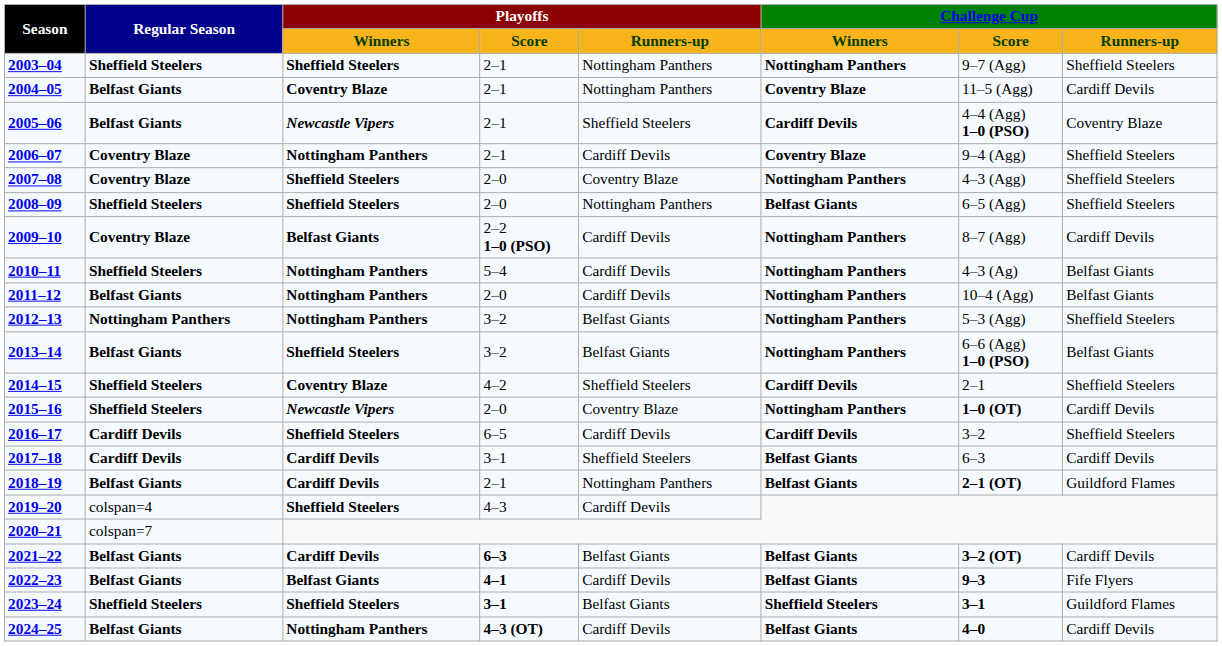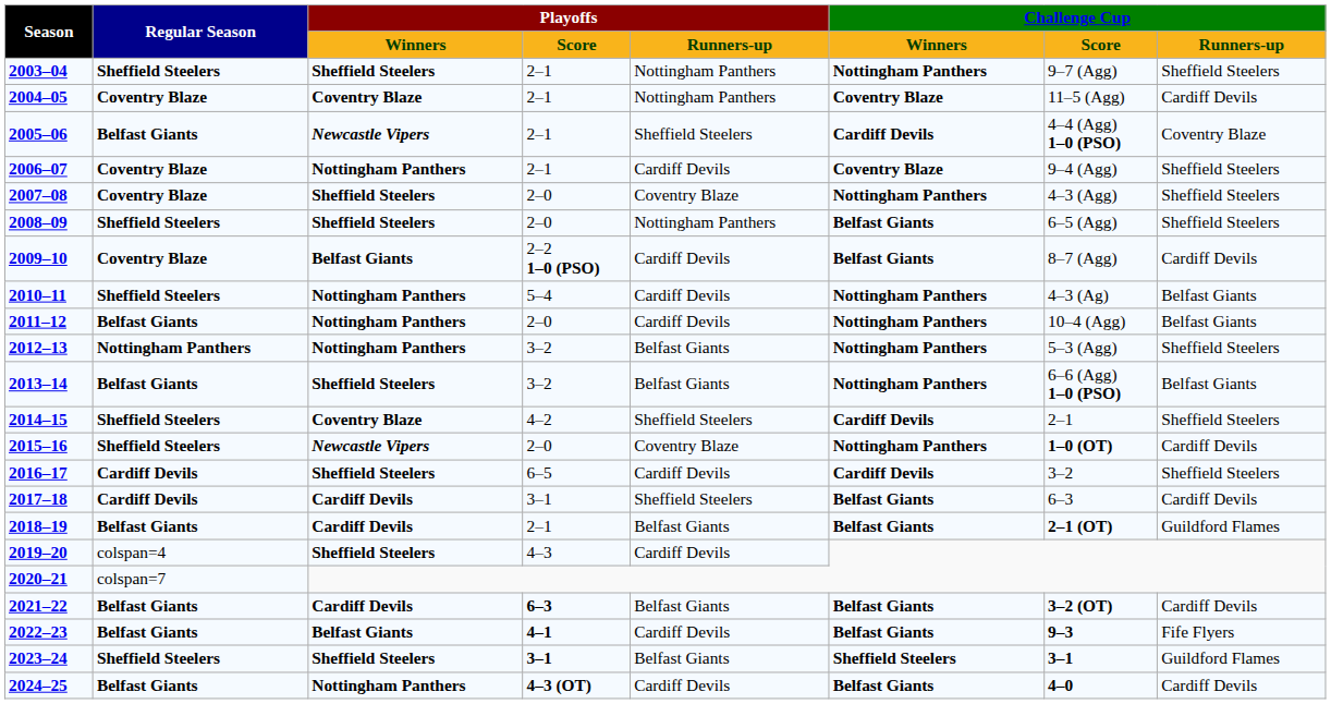 <table class="wikitable" style="width:100%;">
 <tr>
 <th rowspan="2" style="background:black;color:white;">Season</th>
 <th rowspan="2" style="background:darkblue;color:white;;">Regular Season</th>
 <th colspan="3" style="background:darkred;color:white;">Playoffs</th>
 <th colspan="3" style="background:green;color:white;"><a href='#'>Challenge Cup</a></th>
 </tr>
 <tr>
 <th style="background:#F9B41B;color:#003D01;" "width:15%;">Winners</th>
 <th style="background:#F9B41B;color:#003D01;" "width:6%;">Score</th>
 <th style="background:#F9B41B;color:#003D01;" "width:15%;">Runners-up</th>
 <th style="background:#F9B41B;color:#003D01;">Winners</th>
 <th style="background:#F9B41B;color:#003D01;">Score</th>
 <th style="background:#F9B41B;color:#003D01;">Runners-up</th>
 </tr>
 <tr style="background:#f5faff;">
 <td><div><strong><a href='#'>2003–04</a></strong></div></td>
 <td><strong>Sheffield Steelers</strong></td>
 <td><strong>Sheffield Steelers</strong></td>
 <td>2–1</td>
 <td>Nottingham Panthers</td>
 <td><strong>Nottingham Panthers</strong></td>
 <td>9–7 (Agg)</td>
 <td>Sheffield Steelers</td>
 </tr>
 <tr style="background:#f5faff;">
 <td><div><strong><a href='#'>2004–05</a></strong></div></td>
-<td><strong>Belfast Giants</strong></td>
+<td><strong>Coventry Blaze</strong></td>
 <td><strong>Coventry Blaze</strong></td>
 <td>2–1</td>
 <td>Nottingham Panthers</td>
 <td><strong>Coventry Blaze</strong></td>
 <td>11–5 (Agg)</td>
 <td>Cardiff Devils</td>
 </tr>
 <tr style="background:#f5faff;">
 <td><div><strong><a href='#'>2005–06</a></strong></div></td>
 <td><strong>Belfast Giants</strong></td>
 <td><strong><em>Newcastle Vipers</em></strong></td>
 <td>2–1</td>
 <td>Sheffield Steelers</td>
 <td><strong> Cardiff Devils</strong></td>
 <td>4–4 (Agg)<br><strong>1–0 (PSO)</strong></td>
 <td>Coventry Blaze</td>
 </tr>
 <tr style="background:#f5faff;">
 <td><div><strong><a href='#'>2006–07</a></strong></div></td>
 <td><strong>Coventry Blaze</strong></td>
 <td><strong>Nottingham Panthers</strong></td>
 <td>2–1</td>
 <td>Cardiff Devils</td>
 <td><strong>Coventry Blaze</strong></td>
 <td>9–4 (Agg)</td>
 <td>Sheffield Steelers</td>
 </tr>
 <tr style="background:#f5faff;">
 <td><div><strong><a href='#'>2007–08</a></strong></div></td>
 <td><strong>Coventry Blaze</strong></td>
 <td><strong>Sheffield Steelers</strong></td>
 <td>2–0</td>
 <td>Coventry Blaze</td>
 <td><strong> Nottingham Panthers</strong></td>
 <td>4–3 (Agg)</td>
 <td>Sheffield Steelers</td>
 </tr>
 <tr style="background:#f5faff;">
 <td><div><strong><a href='#'>2008–09</a></strong></div></td>
 <td><strong>Sheffield Steelers</strong></td>
 <td><strong>Sheffield Steelers</strong></td>
 <td>2–0</td>
 <td>Nottingham Panthers</td>
 <td><strong>Belfast Giants</strong></td>
 <td>6–5 (Agg)</td>
 <td>Sheffield Steelers</td>
 </tr>
 <tr style="background:#f5faff;">
 <td><div><strong><a href='#'>2009–10</a></strong></div></td>
 <td><strong>Coventry Blaze</strong></td>
 <td><strong>Belfast Giants</strong></td>
 <td>2–2 <br><strong>1–0 (PSO)</strong></td>
 <td>Cardiff Devils</td>
-<td><strong>Nottingham Panthers</strong></td>
+<td><strong>Belfast Giants</strong></td>
 <td>8–7 (Agg)</td>
 <td>Cardiff Devils</td>
 </tr>
 <tr style="background:#f5faff;">
 <td><div><strong><a href='#'>2010–11</a></strong></div></td>
 <td><strong>Sheffield Steelers</strong></td>
 <td><strong>Nottingham Panthers</strong></td>
 <td>5–4</td>
 <td>Cardiff Devils</td>
 <td><strong>Nottingham Panthers</strong></td>
 <td>4–3 (Ag)</td>
 <td>Belfast Giants</td>
 </tr>
 <tr style="background:#f5faff;">
 <td><div><strong><a href='#'>2011–12</a></strong></div></td>
 <td><strong>Belfast Giants</strong></td>
 <td><strong>Nottingham Panthers</strong></td>
 <td>2–0</td>
 <td>Cardiff Devils</td>
 <td><strong> Nottingham Panthers</strong></td>
 <td>10–4 (Agg)</td>
 <td>Belfast Giants</td>
 </tr>
 <tr style="background:#f5faff;">
 <td><div><strong><a href='#'>2012–13</a></strong></div></td>
 <td><strong>Nottingham Panthers</strong></td>
 <td><strong>Nottingham Panthers</strong></td>
 <td>3–2</td>
 <td>Belfast Giants</td>
 <td><strong> Nottingham Panthers</strong></td>
 <td>5–3 (Agg)</td>
 <td>Sheffield Steelers</td>
 </tr>
 <tr style="background:#f5faff;">
 <td><div><strong><a href='#'>2013–14</a></strong></div></td>
 <td><strong>Belfast Giants</strong></td>
 <td><strong>Sheffield Steelers</strong></td>
 <td>3–2</td>
 <td>Belfast Giants</td>
 <td><strong>Nottingham Panthers</strong></td>
 <td>6–6 (Agg)<br><strong>1–0 (PSO)</strong></td>
 <td>Belfast Giants</td>
 </tr>
 <tr style="background:#f5faff;">
 <td><div><strong><a href='#'>2014–15</a></strong></div></td>
 <td><strong> Sheffield Steelers</strong></td>
 <td><strong>Coventry Blaze</strong></td>
 <td>4–2</td>
 <td>Sheffield Steelers</td>
 <td><strong> Cardiff Devils</strong></td>
 <td>2–1</td>
 <td>Sheffield Steelers</td>
 </tr>
 <tr style="background:#f5faff;">
 <td><div><strong><a href='#'>2015–16</a></strong></div></td>
 <td><strong>Sheffield Steelers</strong></td>
 <td><strong><em>Newcastle Vipers</em></strong></td>
 <td>2–0</td>
 <td>Coventry Blaze</td>
 <td><strong>Nottingham Panthers</strong></td>
 <td><strong>1–0 (OT)</strong></td>
 <td>Cardiff Devils</td>
 </tr>
 <tr style="background:#f5faff;">
 <td><div><strong><a href='#'>2016–17</a></strong></div></td>
 <td><strong>Cardiff Devils</strong></td>
 <td><strong>Sheffield Steelers</strong></td>
 <td>6–5</td>
 <td>Cardiff Devils</td>
 <td><strong>Cardiff Devils</strong></td>
 <td>3–2</td>
 <td>Sheffield Steelers</td>
 </tr>
 <tr style="background:#f5faff;">
 <td><div><strong><a href='#'>2017–18</a></strong></div></td>
 <td><strong>Cardiff Devils</strong></td>
 <td><strong>Cardiff Devils</strong></td>
 <td>3–1</td>
 <td>Sheffield Steelers</td>
 <td><strong>Belfast Giants</strong></td>
 <td>6–3</td>
 <td>Cardiff Devils</td>
 </tr>
 <tr style="background:#f5faff;">
 <td><div><strong><a href='#'>2018–19</a></strong></div></td>
 <td><strong>Belfast Giants</strong></td>
 <td><strong>Cardiff Devils</strong></td>
 <td>2–1</td>
-<td>Nottingham Panthers</td>
+<td>Belfast Giants</td>
 <td><strong>Belfast Giants</strong></td>
 <td><strong>2–1 (OT)</strong></td>
 <td>Guildford Flames</td>
 </tr>
 <tr style="background:#f5faff;">
 <td><div><strong><a href='#'>2019–20</a></strong></div></td>
 <td>colspan=4</td>
 <td><strong>Sheffield Steelers</strong></td>
 <td>4–3</td>
 <td>Cardiff Devils</td>
 </tr>
 <tr style="background:#f5faff;">
 <td><div><strong><a href='#'>2020–21</a></strong></div></td>
 <td>colspan=7</td>
 </tr>
 <tr style="background:#f5faff;">
 <td><div><strong><a href='#'>2021–22</a></strong></div></td>
 <td><strong>Belfast Giants</strong></td>
 <td><strong>Cardiff Devils</strong></td>
 <td><strong>6–3</strong></td>
 <td>Belfast Giants</td>
 <td><strong>Belfast Giants</strong></td>
 <td><strong>3–2 (OT)</strong></td>
 <td>Cardiff Devils</td>
 </tr>
 <tr style="background:#f5faff;">
 <td><div><strong><a href='#'>2022–23</a></strong></div></td>
 <td><strong>Belfast Giants</strong></td>
 <td><strong>Belfast Giants</strong></td>
 <td><strong>4–1</strong></td>
 <td>Cardiff Devils</td>
 <td><strong>Belfast Giants</strong></td>
 <td><strong>9–3</strong></td>
 <td>Fife Flyers</td>
 </tr>
 <tr style="background:#f5faff;">
 <td><div><a href='#'><strong>2023–24</strong></a></div></td>
 <td><strong>Sheffield Steelers</strong></td>
 <td><strong>Sheffield Steelers</strong></td>
 <td><strong>3–1</strong></td>
 <td>Belfast Giants</td>
 <td><strong>Sheffield Steelers</strong></td>
 <td><strong>3–1</strong></td>
 <td>Guildford Flames</td>
 </tr>
 <tr style="background:#f5faff;">
 <td><div><a href='#'><strong>2024–25</strong></a></div></td>
 <td><strong>Belfast Giants</strong></td>
 <td><strong>Nottingham Panthers</strong></td>
 <td><strong>4–3 (OT)</strong></td>
 <td>Cardiff Devils</td>
 <td><strong>Belfast Giants</strong></td>
 <td><strong>4–0</strong></td>
 <td>Cardiff Devils</td>
 </tr>
 </table>
